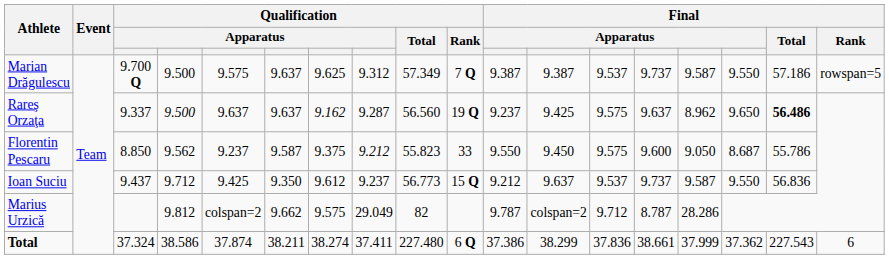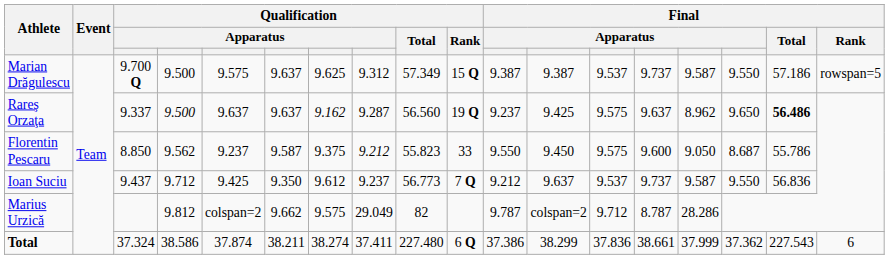 <table class=wikitable style=font-size:90%;text-align:center>
 <tr>
 <th rowspan=3>Athlete</th>
 <th rowspan=3>Event</th>
 <th colspan=8>Qualification</th>
 <th colspan=8>Final</th>
 </tr>
 <tr style=font-size:95%>
 <th colspan=6>Apparatus</th>
 <th rowspan=2>Total</th>
 <th rowspan=2>Rank</th>
 <th colspan=6>Apparatus</th>
 <th rowspan=2>Total</th>
 <th rowspan=2>Rank</th>
 </tr>
 <tr style=font-size:95%>
 <th></th>
 <th></th>
 <th></th>
 <th></th>
 <th></th>
 <th></th>
 <th></th>
 <th></th>
 <th></th>
 <th></th>
 <th></th>
 <th></th>
 </tr>
 <tr align=center>
 <td align=left><a href='#'>Marian Drăgulescu</a></td>
 <td align=left rowspan=6><a href='#'>Team</a></td>
 <td>9.700 <strong>Q</strong></td>
 <td>9.500</td>
 <td>9.575</td>
 <td>9.637</td>
 <td>9.625</td>
 <td>9.312</td>
 <td>57.349</td>
-<td>7 <strong>Q</strong></td>
+<td>15 <strong>Q</strong></td>
 <td>9.387</td>
 <td>9.387</td>
 <td>9.537</td>
 <td>9.737</td>
 <td>9.587</td>
 <td>9.550</td>
 <td>57.186</td>
 <td>rowspan=5 </td>
 </tr>
 <tr align=center>
 <td align=left><a href='#'>Rareş Orzaţa</a></td>
 <td>9.337</td>
 <td><em>9.500</em></td>
 <td>9.637</td>
 <td>9.637</td>
 <td><em>9.162</em></td>
 <td>9.287</td>
 <td>56.560</td>
 <td>19 <strong>Q</strong></td>
 <td>9.237</td>
 <td>9.425</td>
 <td>9.575</td>
 <td>9.637</td>
 <td>8.962</td>
 <td>9.650</td>
 <td><strong>56.486</strong></td>
 </tr>
 <tr align=center>
 <td align=left><a href='#'>Florentin Pescaru</a></td>
 <td>8.850</td>
 <td>9.562</td>
 <td>9.237</td>
 <td>9.587</td>
 <td>9.375</td>
 <td><em>9.212</em></td>
 <td>55.823</td>
 <td>33</td>
 <td>9.550</td>
 <td>9.450</td>
 <td>9.575</td>
 <td>9.600</td>
 <td>9.050</td>
 <td>8.687</td>
 <td>55.786</td>
 </tr>
 <tr align=center>
 <td align=left><a href='#'>Ioan Suciu</a></td>
 <td>9.437</td>
 <td>9.712</td>
 <td>9.425</td>
 <td>9.350</td>
 <td>9.612</td>
 <td>9.237</td>
 <td>56.773</td>
-<td>15 <strong>Q</strong></td>
+<td>7 <strong>Q</strong></td>
 <td>9.212</td>
 <td>9.637</td>
 <td>9.537</td>
 <td>9.737</td>
 <td>9.587</td>
 <td>9.550</td>
 <td>56.836</td>
 </tr>
 <tr align=center>
 <td align=left><a href='#'>Marius Urzică</a></td>
 <td></td>
 <td>9.812</td>
 <td>colspan=2 </td>
 <td>9.662</td>
 <td>9.575</td>
 <td>29.049</td>
 <td>82</td>
 <td></td>
 <td>9.787</td>
 <td>colspan=2 </td>
 <td>9.712</td>
 <td>8.787</td>
 <td>28.286</td>
 </tr>
 <tr align=center>
 <td align=left><strong>Total</strong></td>
 <td>37.324</td>
 <td>38.586</td>
 <td>37.874</td>
 <td>38.211</td>
 <td>38.274</td>
 <td>37.411</td>
 <td>227.480</td>
 <td>6 <strong>Q</strong></td>
 <td>37.386</td>
 <td>38.299</td>
 <td>37.836</td>
 <td>38.661</td>
 <td>37.999</td>
 <td>37.362</td>
 <td>227.543</td>
 <td>6</td>
 </tr>
 </table>
